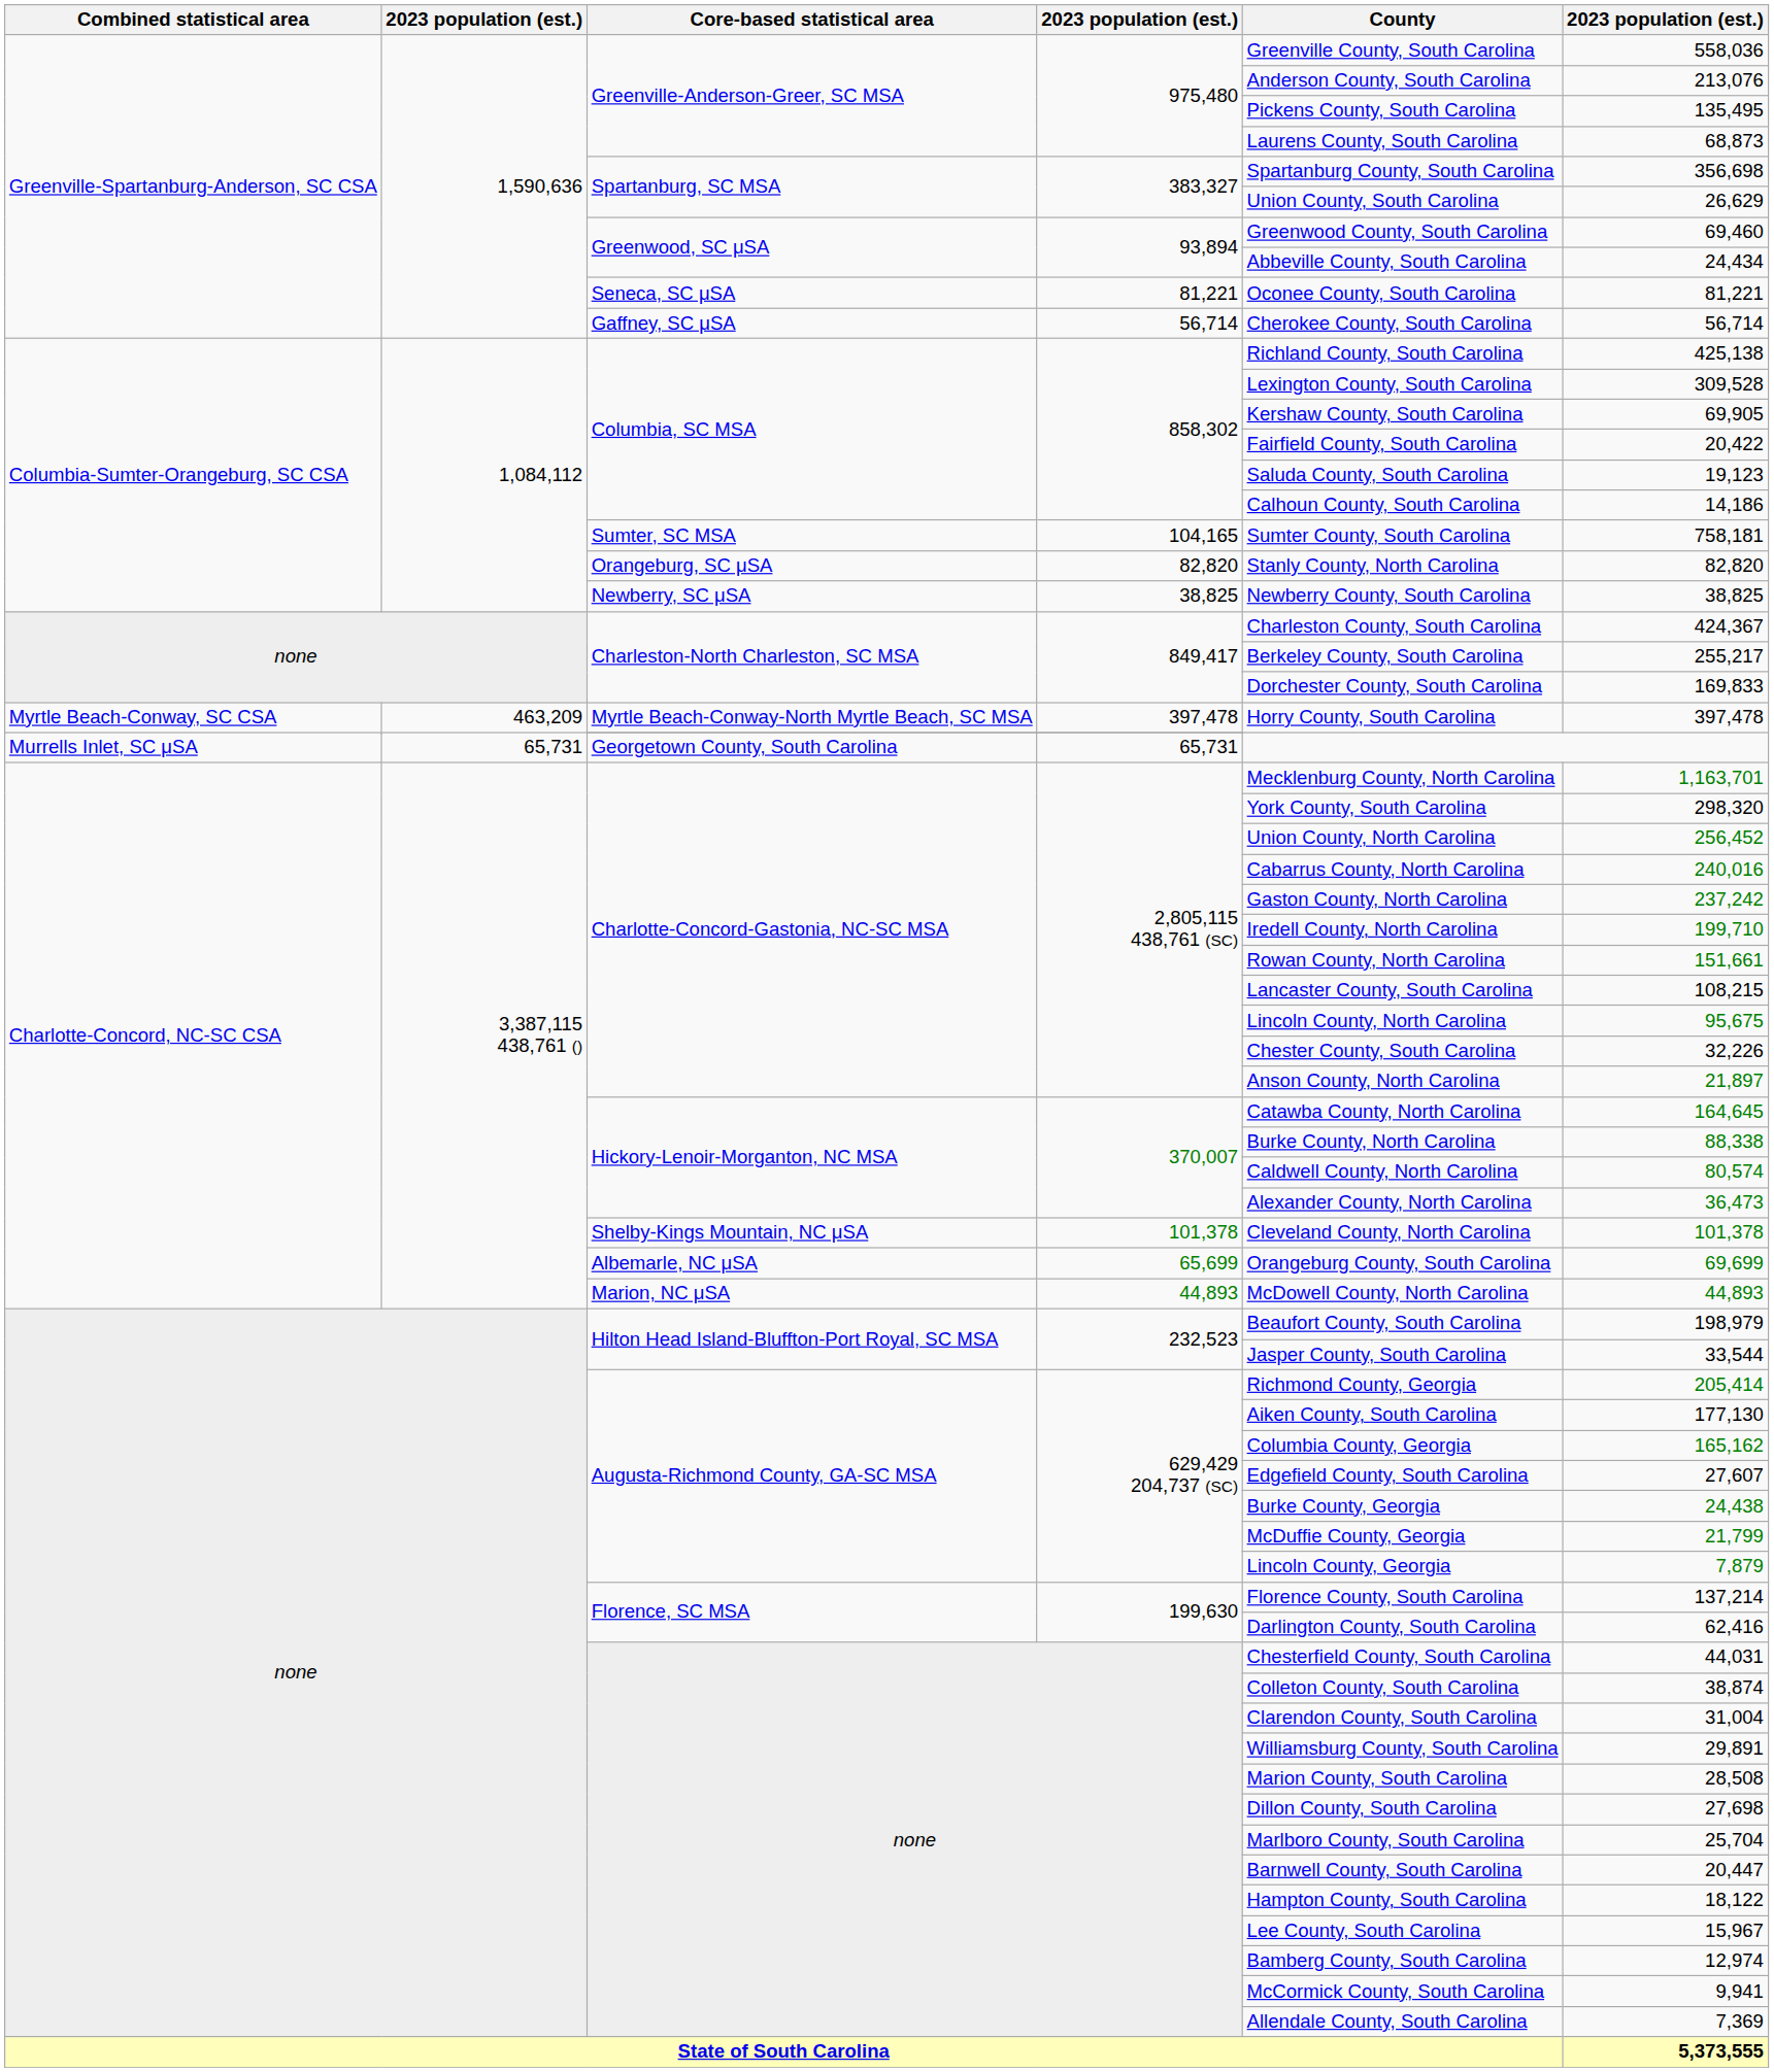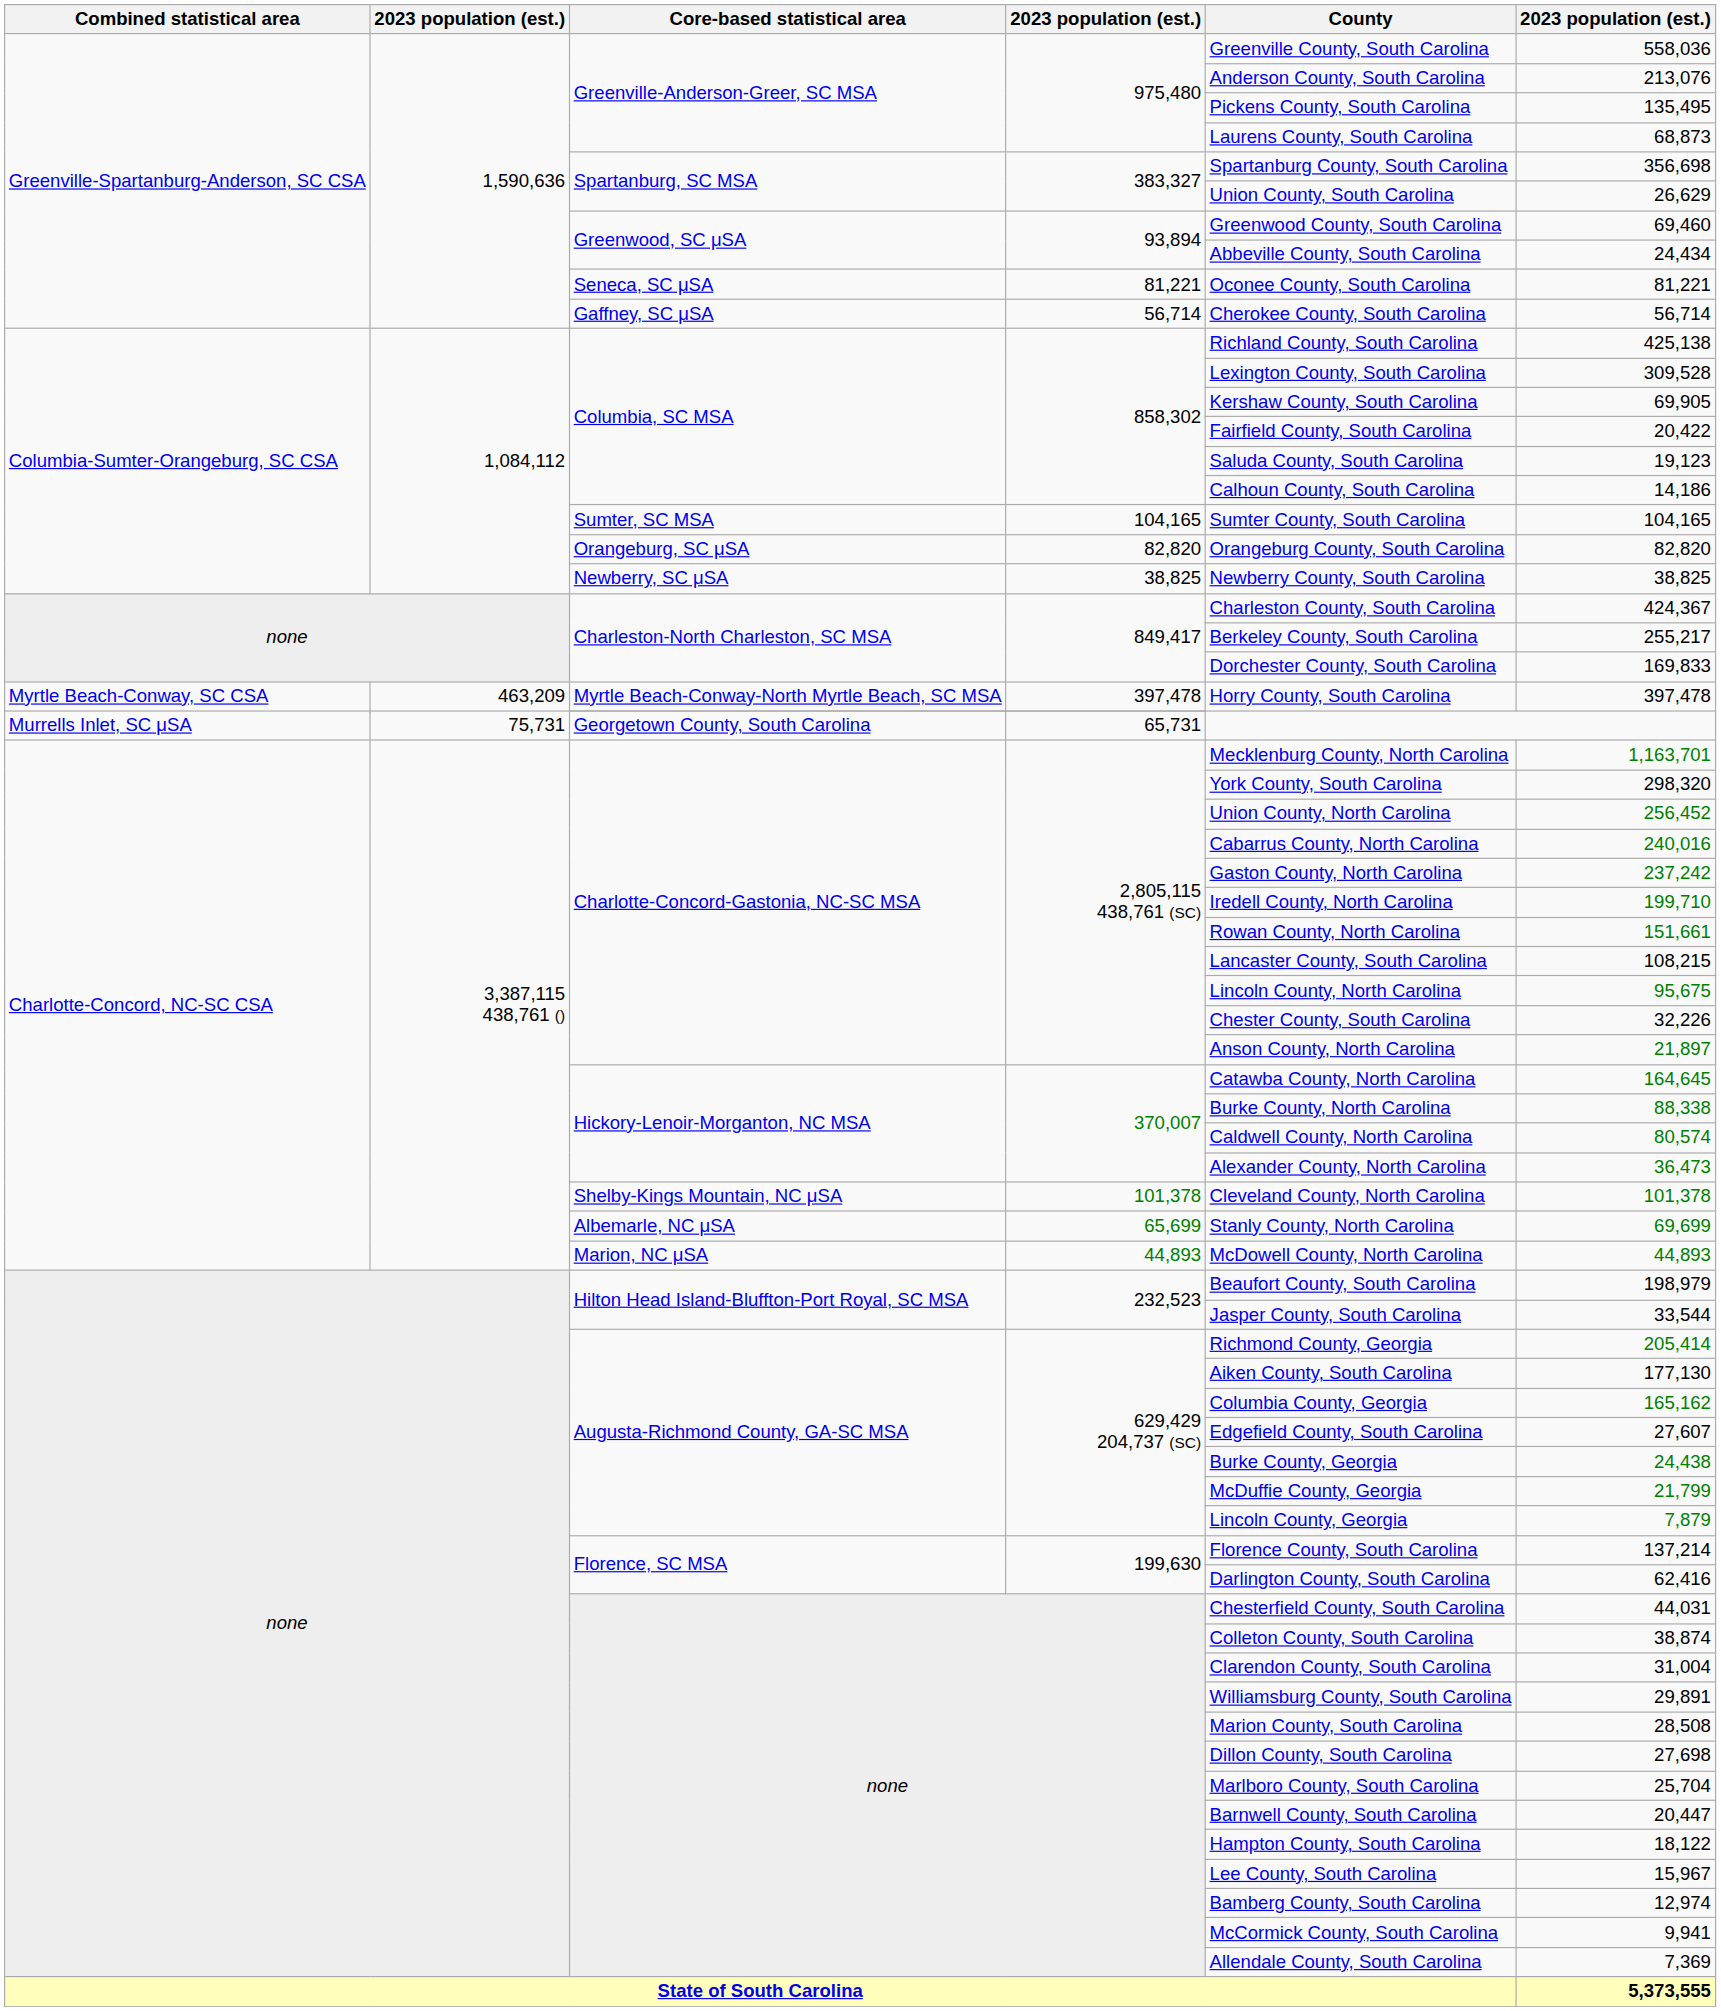 <table class=wikitable>
 <tr>
 <th>Combined statistical area</th>
 <th>2023 population (est.)</th>
 <th>Core-based statistical area</th>
 <th>2023 population (est.)</th>
 <th>County</th>
 <th>2023 population (est.)</th>
 </tr>
 <tr>
 <td rowspan="10"><a href='#'>Greenville-Spartanburg-Anderson, SC CSA</a></td>
 <td rowspan="10" align="right">1,590,636</td>
 <td rowspan=4><a href='#'>Greenville-Anderson-Greer, SC MSA</a></td>
 <td rowspan="4" align="right">975,480</td>
 <td><a href='#'>Greenville County, South Carolina</a></td>
 <td align="right">558,036</td>
 </tr>
 <tr>
 <td><a href='#'>Anderson County, South Carolina</a></td>
 <td align="right">213,076</td>
 </tr>
 <tr>
 <td><a href='#'>Pickens County, South Carolina</a></td>
 <td align="right">135,495</td>
 </tr>
 <tr>
 <td><a href='#'>Laurens County, South Carolina</a></td>
 <td align="right">68,873</td>
 </tr>
 <tr>
 <td rowspan="2"><a href='#'>Spartanburg, SC MSA</a></td>
 <td rowspan="2" align="right">383,327</td>
 <td><a href='#'>Spartanburg County, South Carolina</a></td>
 <td align="right">356,698</td>
 </tr>
 <tr>
 <td><a href='#'>Union County, South Carolina</a></td>
 <td align="right">26,629</td>
 </tr>
 <tr>
 <td rowspan="2"><a href='#'>Greenwood, SC μSA</a></td>
 <td rowspan="2" align="right">93,894</td>
 <td><a href='#'>Greenwood County, South Carolina</a></td>
 <td align="right">69,460</td>
 </tr>
 <tr>
 <td><a href='#'>Abbeville County, South Carolina</a></td>
 <td align="right">24,434</td>
 </tr>
 <tr>
 <td><a href='#'>Seneca, SC μSA</a></td>
 <td align="right">81,221</td>
 <td><a href='#'>Oconee County, South Carolina</a></td>
 <td align="right">81,221</td>
 </tr>
 <tr>
 <td><a href='#'>Gaffney, SC μSA</a></td>
 <td align="right">56,714</td>
 <td><a href='#'>Cherokee County, South Carolina</a></td>
 <td align="right">56,714</td>
 </tr>
 <tr>
 <td rowspan="9"><a href='#'>Columbia-Sumter-Orangeburg, SC CSA</a></td>
 <td rowspan="9" align="right">1,084,112</td>
 <td rowspan="6"><a href='#'>Columbia, SC MSA</a></td>
 <td rowspan="6" align="right">858,302</td>
 <td><a href='#'>Richland County, South Carolina</a></td>
 <td align="right">425,138</td>
 </tr>
 <tr>
 <td><a href='#'>Lexington County, South Carolina</a></td>
 <td align="right">309,528</td>
 </tr>
 <tr>
 <td><a href='#'>Kershaw County, South Carolina</a></td>
 <td align="right">69,905</td>
 </tr>
 <tr>
 <td><a href='#'>Fairfield County, South Carolina</a></td>
 <td align="right">20,422</td>
 </tr>
 <tr>
 <td><a href='#'>Saluda County, South Carolina</a></td>
 <td align="right">19,123</td>
 </tr>
 <tr>
 <td><a href='#'>Calhoun County, South Carolina</a></td>
 <td align="right">14,186</td>
 </tr>
 <tr>
 <td><a href='#'>Sumter, SC MSA</a></td>
 <td align="right">104,165</td>
 <td><a href='#'>Sumter County, South Carolina</a></td>
-<td align="right">758,181</td>
+<td align="right">104,165</td>
 </tr>
 <tr>
 <td><a href='#'>Orangeburg, SC μSA</a></td>
 <td align="right">82,820</td>
-<td><a href='#'><span>Stanly County, North Carolina</span></a></td>
+<td><a href='#'>Orangeburg County, South Carolina</a></td>
 <td align="right">82,820</td>
 </tr>
 <tr>
 <td><a href='#'>Newberry, SC μSA</a></td>
 <td align="right">38,825</td>
 <td><a href='#'>Newberry County, South Carolina</a></td>
 <td align="right">38,825</td>
 </tr>
 <tr>
 <td colspan="2" rowspan="3" align="center" bgcolor="#EEEEEE"><em>none</em></td>
 <td rowspan="3"><a href='#'>Charleston-North Charleston, SC MSA</a></td>
 <td rowspan="3" align="right">849,417</td>
 <td><a href='#'>Charleston County, South Carolina</a></td>
 <td align="right">424,367</td>
 </tr>
 <tr>
 <td><a href='#'>Berkeley County, South Carolina</a></td>
 <td align="right">255,217</td>
 </tr>
 <tr>
 <td><a href='#'>Dorchester County, South Carolina</a></td>
 <td align="right">169,833</td>
 </tr>
 <tr>
 <td rowspan="2"><a href='#'>Myrtle Beach-Conway, SC CSA</a></td>
 <td rowspan="2" align="right">463,209</td>
 <td><a href='#'><span>Myrtle Beach-Conway-North Myrtle Beach, SC MSA</span></a></td>
 <td align="right">397,478</td>
 <td><a href='#'>Horry County, South Carolina</a></td>
 <td align="right">397,478</td>
 </tr>
 <tr>
 </tr>
 <tr>
 <td><a href='#'>Murrells Inlet, SC μSA</a></td>
-<td align="right">65,731</td>
+<td align="right">75,731</td>
 <td><a href='#'>Georgetown County, South Carolina</a></td>
 <td align="right">65,731</td>
 </tr>
 <tr>
 <td rowspan="18"><a href='#'><span>Charlotte-Concord, NC-SC CSA</span></a></td>
 <td rowspan="18" align="right"><span>3,387,115</span><br>438,761 <small>()</small></td>
 <td rowspan="11"><a href='#'><span>Charlotte-Concord-Gastonia, NC-SC MSA</span></a></td>
 <td rowspan="11" align="right"><span>2,805,115</span><br>438,761 <small>(SC)</small></td>
 <td><a href='#'><span>Mecklenburg County, North Carolina</span></a></td>
 <td align="right" style="color:green">1,163,701</td>
 </tr>
 <tr>
 <td><a href='#'>York County, South Carolina</a></td>
 <td align="right">298,320</td>
 </tr>
 <tr>
 <td><a href='#'><span>Union County, North Carolina</span></a></td>
 <td align="right" style=color:green>256,452</td>
 </tr>
 <tr>
 <td><a href='#'><span>Cabarrus County, North Carolina</span></a></td>
 <td align="right" style="color:green">240,016</td>
 </tr>
 <tr>
 <td><a href='#'><span>Gaston County, North Carolina</span></a></td>
 <td align="right" style="color:green">237,242</td>
 </tr>
 <tr>
 <td><a href='#'><span>Iredell County, North Carolina</span></a></td>
 <td align="right" style="color:green">199,710</td>
 </tr>
 <tr>
 <td><a href='#'><span>Rowan County, North Carolina</span></a></td>
 <td align="right" style="color:green">151,661</td>
 </tr>
 <tr>
 <td><a href='#'>Lancaster County, South Carolina</a></td>
 <td align="right">108,215</td>
 </tr>
 <tr>
 <td><a href='#'><span>Lincoln County, North Carolina</span></a></td>
 <td align="right" style="color:green">95,675</td>
 </tr>
 <tr>
 <td><a href='#'>Chester County, South Carolina</a></td>
 <td align="right">32,226</td>
 </tr>
 <tr>
 <td><a href='#'><span>Anson County, North Carolina</span></a></td>
 <td align="right" style="color:green">21,897</td>
 </tr>
 <tr>
 <td rowspan="4"><a href='#'><span>Hickory-Lenoir-Morganton, NC MSA</span></a></td>
 <td rowspan="4" align="right" style="color:green">370,007</td>
 <td><a href='#'><span>Catawba County, North Carolina</span></a></td>
 <td align="right" style="color:green">164,645</td>
 </tr>
 <tr>
 <td><a href='#'><span>Burke County, North Carolina</span></a></td>
 <td align="right" style="color:green">88,338</td>
 </tr>
 <tr>
 <td><a href='#'><span>Caldwell County, North Carolina</span></a></td>
 <td align="right" style="color:green">80,574</td>
 </tr>
 <tr>
 <td><a href='#'><span>Alexander County, North Carolina</span></a></td>
 <td align="right" style="color:green">36,473</td>
 </tr>
 <tr>
 <td><a href='#'><span>Shelby-Kings Mountain, NC μSA</span></a></td>
 <td align="right" style="color:green">101,378</td>
 <td><a href='#'><span>Cleveland County, North Carolina</span></a></td>
 <td align="right" style="color:green">101,378</td>
 </tr>
 <tr>
 <td><a href='#'><span>Albemarle, NC μSA</span></a></td>
 <td align="right" style="color:green">65,699</td>
-<td><a href='#'>Orangeburg County, South Carolina</a></td>
+<td><a href='#'><span>Stanly County, North Carolina</span></a></td>
 <td align="right" style="color:green">69,699</td>
 </tr>
 <tr>
 <td><a href='#'><span>Marion, NC μSA</span></a></td>
 <td style="color:green;" align="right">44,893</td>
 <td><a href='#'><span>McDowell County, North Carolina</span></a></td>
 <td align="right" style="color:green">44,893</td>
 </tr>
 <tr>
 <td colspan="2" rowspan="24" align="center" bgcolor="#EEEEEE"><em>none</em></td>
 <td rowspan="2"><a href='#'>Hilton Head Island-Bluffton-Port Royal, SC MSA</a></td>
 <td rowspan="2" align="right">232,523</td>
 <td><a href='#'>Beaufort County, South Carolina</a></td>
 <td align="right">198,979</td>
 </tr>
 <tr>
 <td><a href='#'>Jasper County, South Carolina</a></td>
 <td align="right">33,544</td>
 </tr>
 <tr>
 <td rowspan="7"><a href='#'><span>Augusta-Richmond County, GA-SC MSA</span></a></td>
 <td rowspan="7" align="right"><span>629,429</span><br>204,737 <small>(SC)</small></td>
 <td><a href='#'><span>Richmond County, Georgia</span></a></td>
 <td align="right" style="color:green">205,414</td>
 </tr>
 <tr>
 <td><a href='#'>Aiken County, South Carolina</a></td>
 <td align="right">177,130</td>
 </tr>
 <tr>
 <td><a href='#'><span>Columbia County, Georgia</span></a></td>
 <td align="right" style="color:green">165,162</td>
 </tr>
 <tr>
 <td><a href='#'>Edgefield County, South Carolina</a></td>
 <td align="right">27,607</td>
 </tr>
 <tr>
 <td><a href='#'><span>Burke County, Georgia</span></a></td>
 <td align="right" style="color:green">24,438</td>
 </tr>
 <tr>
 <td><a href='#'><span>McDuffie County, Georgia</span></a></td>
 <td align="right" style="color:green">21,799</td>
 </tr>
 <tr>
 <td><a href='#'><span>Lincoln County, Georgia</span></a></td>
 <td align="right" style="color:green">7,879</td>
 </tr>
 <tr>
 <td rowspan="2"><a href='#'>Florence, SC MSA</a></td>
 <td rowspan="2" align="right">199,630</td>
 <td><a href='#'>Florence County, South Carolina</a></td>
 <td align="right">137,214</td>
 </tr>
 <tr>
 <td><a href='#'>Darlington County, South Carolina</a></td>
 <td align="right">62,416</td>
 </tr>
 <tr>
 <td colspan="2" rowspan="13" align="center" bgcolor="#EEEEEE"><em>none</em></td>
 <td><a href='#'>Chesterfield County, South Carolina</a></td>
 <td align="right">44,031</td>
 </tr>
 <tr>
 <td><a href='#'>Colleton County, South Carolina</a></td>
 <td align="right">38,874</td>
 </tr>
 <tr>
 <td><a href='#'>Clarendon County, South Carolina</a></td>
 <td align="right">31,004</td>
 </tr>
 <tr>
 <td><a href='#'>Williamsburg County, South Carolina</a></td>
 <td align="right">29,891</td>
 </tr>
 <tr>
 <td><a href='#'>Marion County, South Carolina</a></td>
 <td align="right">28,508</td>
 </tr>
 <tr>
 <td><a href='#'>Dillon County, South Carolina</a></td>
 <td align="right">27,698</td>
 </tr>
 <tr>
 <td><a href='#'>Marlboro County, South Carolina</a></td>
 <td align="right">25,704</td>
 </tr>
 <tr>
 <td><a href='#'>Barnwell County, South Carolina</a></td>
 <td align="right">20,447</td>
 </tr>
 <tr>
 <td><a href='#'>Hampton County, South Carolina</a></td>
 <td align="right">18,122</td>
 </tr>
 <tr>
 <td><a href='#'>Lee County, South Carolina</a></td>
 <td align="right">15,967</td>
 </tr>
 <tr>
 <td><a href='#'>Bamberg County, South Carolina</a></td>
 <td align="right">12,974</td>
 </tr>
 <tr>
 <td><a href='#'>McCormick County, South Carolina</a></td>
 <td align="right">9,941</td>
 </tr>
 <tr>
 <td><a href='#'>Allendale County, South Carolina</a></td>
 <td align="right">7,369</td>
 </tr>
 <tr style="font-weight:bold;" bgcolor="#FFFFBB">
 <td colspan="5" align="center"><a href='#'>State of South Carolina</a></td>
 <td align="right">5,373,555</td>
 </tr>
 </table>
